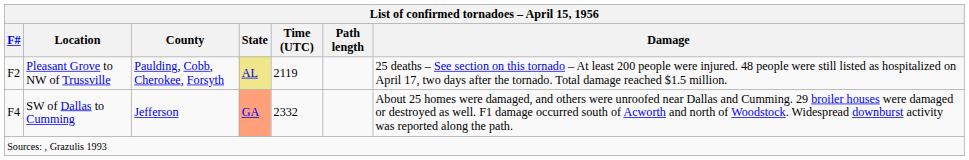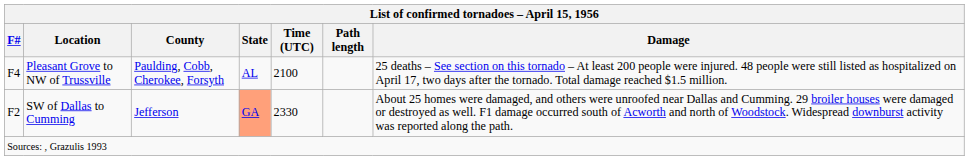 <table class="wikitable toccolours collapsible" width="100%">
 <tr>
 <th colspan="7">List of confirmed tornadoes – April 15, 1956</th>
 </tr>
 <tr>
 <th><a href='#'>F#</a></th>
 <th>Location</th>
 <th>County</th>
 <th>State</th>
 <th>Time (UTC)</th>
 <th>Path length</th>
 <th>Damage</th>
 </tr>
 <tr>
-<td>F2</td>
+<td>F4</td>
 <td><a href='#'>Pleasant Grove</a> to NW of <a href='#'>Trussville</a></td>
 <td><a href='#'>Paulding</a>, <a href='#'>Cobb</a>, <a href='#'>Cherokee</a>, <a href='#'>Forsyth</a></td>
-<td style="background: khaki;"><a href='#'>AL</a></td>
-<td>2119</td>
+<td><a href='#'>AL</a></td>
+<td>2100</td>
 <td></td>
 <td>25 deaths – <a href='#'>See section on this tornado</a> – At least 200 people were injured. 48 people were still listed as hospitalized on April 17, two days after the tornado. Total damage reached $1.5 million.</td>
 </tr>
 <tr>
-<td>F4</td>
+<td>F2</td>
 <td>SW of <a href='#'>Dallas</a> to <a href='#'>Cumming</a></td>
 <td><a href='#'>Jefferson</a></td>
 <td style="background: lightsalmon;"><a href='#'>GA</a></td>
-<td>2332</td>
+<td>2330</td>
 <td></td>
 <td>About 25 homes were damaged, and others were unroofed near Dallas and Cumming. 29 <a href='#'>broiler houses</a> were damaged or destroyed as well. F1 damage occurred south of <a href='#'>Acworth</a> and north of <a href='#'>Woodstock</a>. Widespread <a href='#'>downburst</a> activity was reported along the path.</td>
 </tr>
 <tr>
 <td colspan="7"><small>Sources: , Grazulis 1993</small></td>
 </tr>
 </table>
